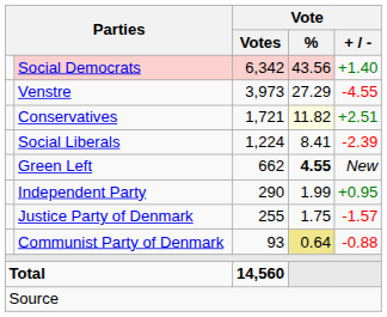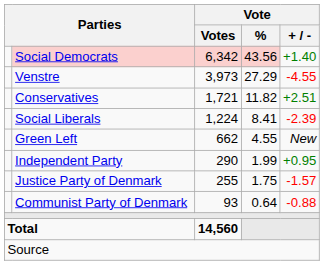 <table class="wikitable" style="text-align:right;">
 <tr>
 <th style="text-align:centre;" rowspan="2" colspan="2" width="225">Parties</th>
 <th colspan="3">Vote</th>
 </tr>
 <tr>
 <th width="15">Votes</th>
 <th width="15">%</th>
 <th width="15">+ / -</th>
 </tr>
 <tr>
 <td width="2" style="color:inherit;background:"></td>
 <td bgcolor=#fbd0ce  align="left"><a href='#'>Social Democrats</a></td>
 <td bgcolor=#fbd0ce>6,342</td>
 <td bgcolor=#fbd0ce>43.56</td>
 <td style=color:green;>+1.40</td>
 </tr>
 <tr>
 <td width="2" style="color:inherit;background:"></td>
 <td align="left"><a href='#'>Venstre</a></td>
 <td>3,973</td>
 <td>27.29</td>
 <td style=color:red;>-4.55</td>
 </tr>
 <tr>
 <td width="2" style="color:inherit;background:"></td>
 <td align="left"><a href='#'>Conservatives</a></td>
 <td>1,721</td>
-<td style="background: lightyellow;">11.82</td>
+<td>11.82</td>
 <td style=color:green;>+2.51</td>
 </tr>
 <tr>
 <td width="2" style="color:inherit;background:"></td>
 <td align="left"><a href='#'>Social Liberals</a></td>
 <td>1,224</td>
 <td>8.41</td>
 <td style=color:red;>-2.39</td>
 </tr>
 <tr>
 <td width="2" style="color:inherit;background:"></td>
 <td align="left"><a href='#'>Green Left</a></td>
 <td>662</td>
-<td><strong>4.55</strong></td>
+<td>4.55</td>
 <td><em>New</em></td>
 </tr>
 <tr>
 <td width="2" style="color:inherit;background:"></td>
 <td align="left"><a href='#'>Independent Party</a></td>
 <td>290</td>
 <td>1.99</td>
 <td style=color:green;>+0.95</td>
 </tr>
 <tr>
 <td width="2" style="color:inherit;background:"></td>
 <td align="left"><a href='#'>Justice Party of Denmark</a></td>
 <td>255</td>
 <td>1.75</td>
 <td style=color:red;>-1.57</td>
 </tr>
 <tr>
 <td width="2" style="color:inherit;background:"></td>
 <td align="left"><a href='#'>Communist Party of Denmark</a></td>
 <td>93</td>
-<td style="background: khaki;">0.64</td>
+<td>0.64</td>
 <td style=color:red;>-0.88</td>
 </tr>
 <tr>
 <td colspan="7" bgcolor="#E9E9E9"></td>
 </tr>
 <tr>
 <td align="left" colspan="2"><strong>Total</strong></td>
 <td><strong>14,560</strong></td>
 <td bgcolor="#E9E9E9" colspan="2"></td>
 </tr>
 <tr>
 <td align="left" colspan="6">Source</td>
 </tr>
 </table>
